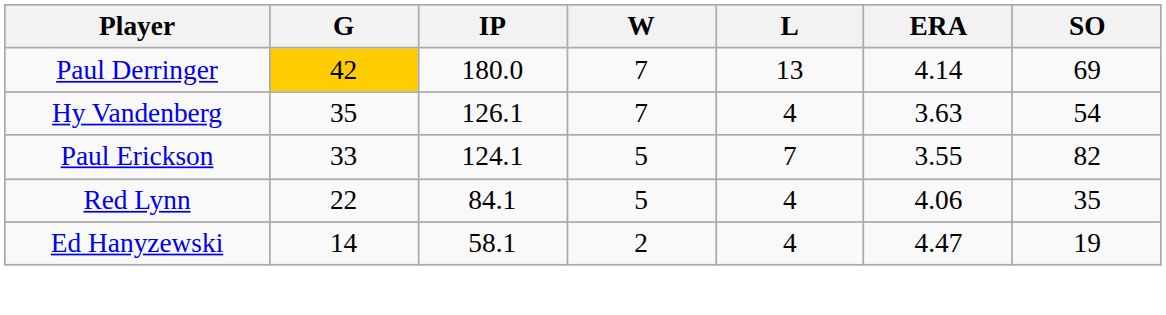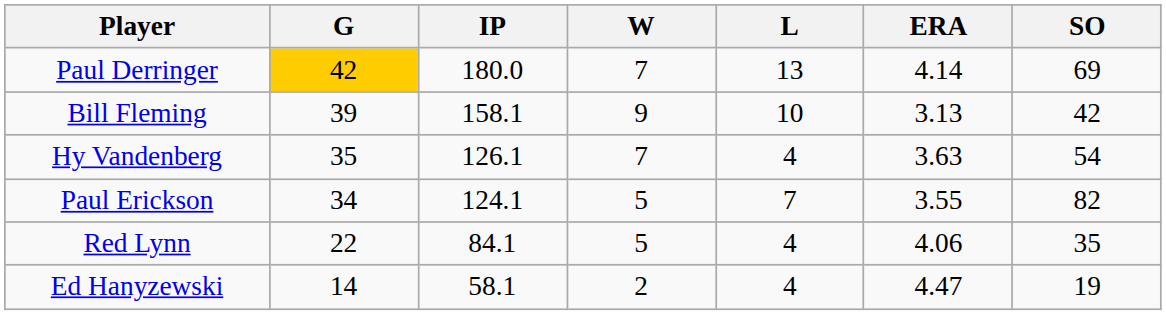 <table class="wikitable sortable">
 <tr>
 <th bgcolor="#DDDDFF" width="16%">Player</th>
 <th bgcolor="#DDDDFF" width="9%">G</th>
 <th bgcolor="#DDDDFF" width="9%">IP</th>
 <th bgcolor="#DDDDFF" width="9%">W</th>
 <th bgcolor="#DDDDFF" width="9%">L</th>
 <th bgcolor="#DDDDFF" width="9%">ERA</th>
 <th bgcolor="#DDDDFF" width="9%">SO</th>
 </tr>
 <tr align="center">
 <td><a href='#'>Paul Derringer</a></td>
 <td style="background:#fc0;">42</td>
 <td>180.0</td>
 <td>7</td>
 <td>13</td>
 <td>4.14</td>
 <td>69</td>
 </tr>
 <tr align=center>
+<td><a href='#'>Bill Fleming</a></td>
+<td>39</td>
+<td>158.1</td>
+<td>9</td>
+<td>10</td>
+<td>3.13</td>
+<td>42</td>
+</tr>
+<tr align=center>
 <td><a href='#'>Hy Vandenberg</a></td>
 <td>35</td>
 <td>126.1</td>
 <td>7</td>
 <td>4</td>
 <td>3.63</td>
 <td>54</td>
 </tr>
 <tr align=center>
 <td><a href='#'>Paul Erickson</a></td>
-<td>33</td>
+<td>34</td>
 <td>124.1</td>
 <td>5</td>
 <td>7</td>
 <td>3.55</td>
 <td>82</td>
 </tr>
 <tr align=center>
 <td><a href='#'>Red Lynn</a></td>
 <td>22</td>
 <td>84.1</td>
 <td>5</td>
 <td>4</td>
 <td>4.06</td>
 <td>35</td>
 </tr>
 <tr align=center>
 <td><a href='#'>Ed Hanyzewski</a></td>
 <td>14</td>
 <td>58.1</td>
 <td>2</td>
 <td>4</td>
 <td>4.47</td>
 <td>19</td>
 </tr>
 </table>
